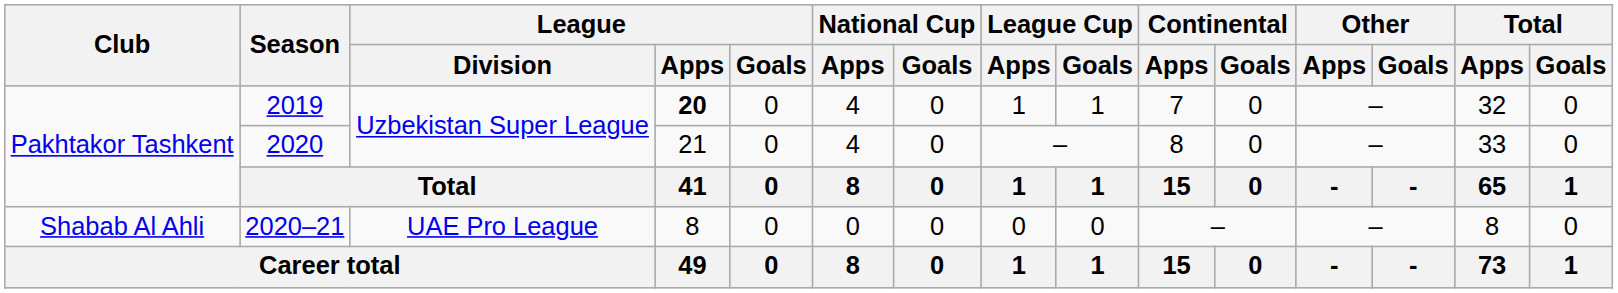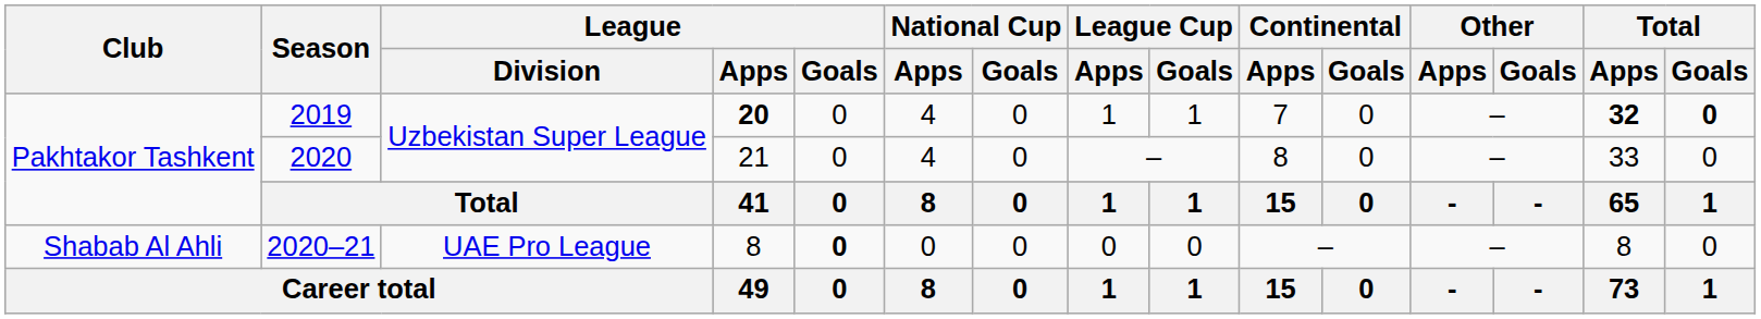 <table class="wikitable" style="text-align: center;">
 <tr>
 <th rowspan="2">Club</th>
 <th rowspan="2">Season</th>
 <th colspan="3">League</th>
 <th colspan="2">National Cup</th>
 <th colspan="2">League Cup</th>
 <th colspan="2">Continental</th>
 <th colspan="2">Other</th>
 <th colspan="2">Total</th>
 </tr>
 <tr>
 <th>Division</th>
 <th>Apps</th>
 <th>Goals</th>
 <th>Apps</th>
 <th>Goals</th>
 <th>Apps</th>
 <th>Goals</th>
 <th>Apps</th>
 <th>Goals</th>
 <th>Apps</th>
 <th>Goals</th>
 <th>Apps</th>
 <th>Goals</th>
 </tr>
 <tr>
 <td rowspan="3" valign="center"><a href='#'>Pakhtakor Tashkent</a></td>
 <td><a href='#'>2019</a></td>
 <td rowspan="2" valign="center"><a href='#'>Uzbekistan Super League</a></td>
 <td><strong>20</strong></td>
 <td>0</td>
 <td>4</td>
 <td>0</td>
 <td>1</td>
 <td>1</td>
 <td>7</td>
 <td>0</td>
 <td colspan="2">–</td>
-<td>32</td>
-<td>0</td>
+<td><strong>32</strong></td>
+<td><strong>0</strong></td>
 </tr>
 <tr>
 <td><a href='#'>2020</a></td>
 <td>21</td>
 <td>0</td>
 <td>4</td>
 <td>0</td>
 <td colspan="2">–</td>
 <td>8</td>
 <td>0</td>
 <td colspan="2">–</td>
 <td>33</td>
 <td>0</td>
 </tr>
 <tr>
 <th colspan="2">Total</th>
 <th>41</th>
 <th>0</th>
 <th>8</th>
 <th>0</th>
 <th>1</th>
 <th>1</th>
 <th>15</th>
 <th>0</th>
 <th>-</th>
 <th>-</th>
 <th>65</th>
 <th>1</th>
 </tr>
 <tr>
 <td rowspan="1" valign="center"><a href='#'>Shabab Al Ahli</a></td>
 <td><a href='#'>2020–21</a></td>
 <td rowspan="1" valign="center"><a href='#'>UAE Pro League</a></td>
 <td>8</td>
-<td>0</td>
+<td><strong>0</strong></td>
 <td>0</td>
 <td>0</td>
 <td>0</td>
 <td>0</td>
 <td colspan="2">–</td>
 <td colspan="2">–</td>
 <td>8</td>
 <td>0</td>
 </tr>
 <tr>
 <th colspan="3">Career total</th>
 <th>49</th>
 <th>0</th>
 <th>8</th>
 <th>0</th>
 <th>1</th>
 <th>1</th>
 <th>15</th>
 <th>0</th>
 <th>-</th>
 <th>-</th>
 <th>73</th>
 <th>1</th>
 </tr>
 </table>
